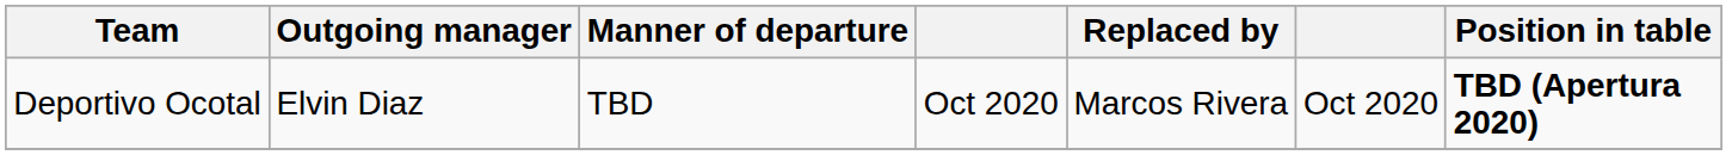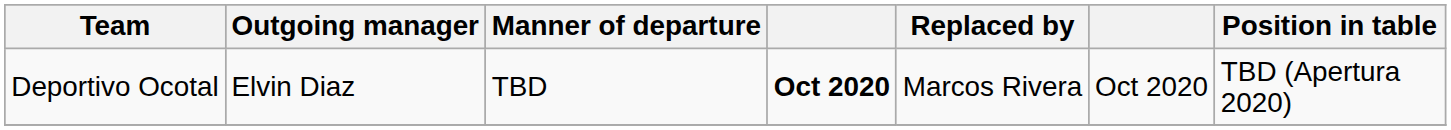 <table class="wikitable">
 <tr>
 <th>Team</th>
 <th>Outgoing manager</th>
 <th>Manner of departure</th>
 <th></th>
 <th>Replaced by</th>
 <th></th>
 <th width=125px>Position in table</th>
 </tr>
 <tr>
 <td>Deportivo Ocotal</td>
 <td> Elvin Diaz</td>
 <td>TBD</td>
-<td>Oct 2020</td>
+<td><strong>Oct 2020</strong></td>
 <td> Marcos Rivera</td>
 <td>Oct 2020</td>
-<td><strong>TBD (Apertura 2020)</strong></td>
+<td>TBD (Apertura 2020)</td>
 </tr>
 <tr>
 </tr>
 </table>
